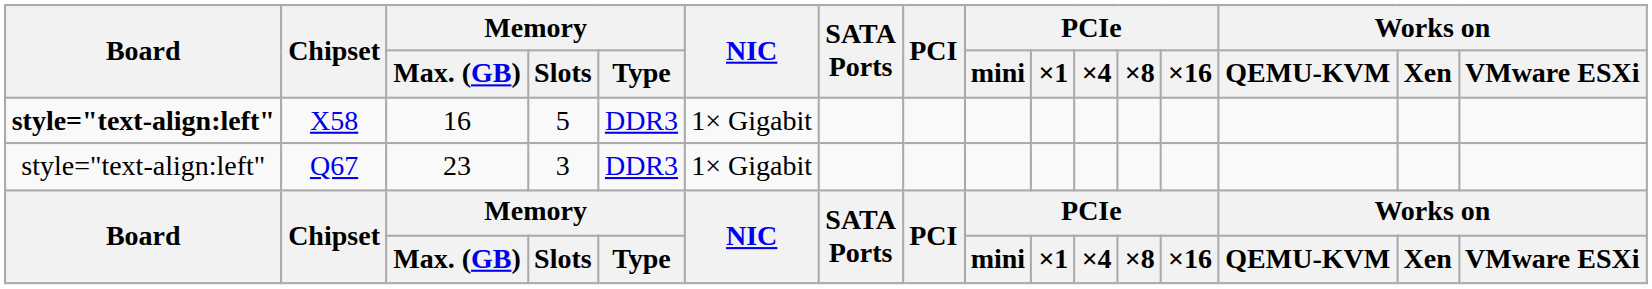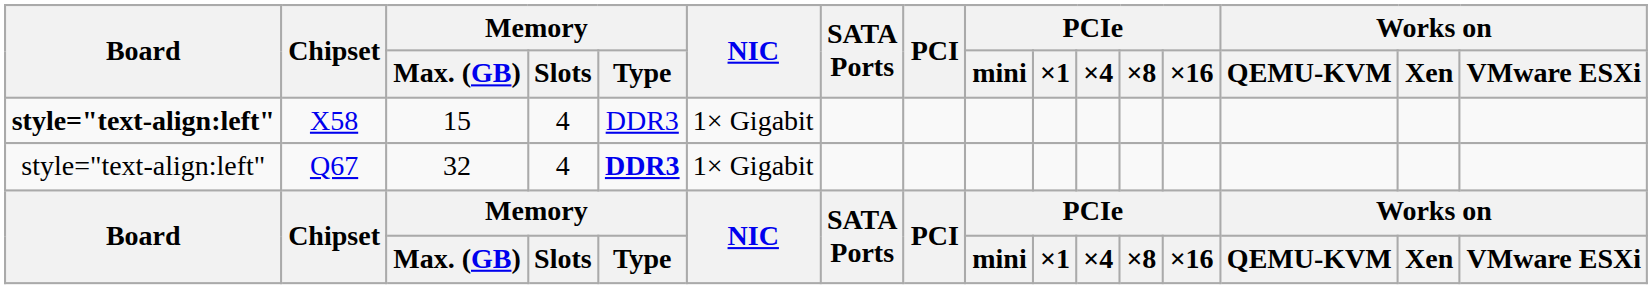 <table class="wikitable" style="font-size: 85%; text-align: center">
 <tr>
 <th rowspan=2>Board</th>
 <th rowspan=2>Chipset</th>
 <th colspan=3>Memory</th>
 <th rowspan=2><a href='#'>NIC</a></th>
 <th rowspan=2>SATA<br>Ports</th>
 <th rowspan=2>PCI</th>
 <th colspan=5>PCIe</th>
 <th colspan=3 style="text-align:center">Works on</th>
 </tr>
 <tr>
 <th>Max. (<a href='#'>GB</a>)</th>
 <th>Slots</th>
 <th>Type</th>
 <th>mini</th>
 <th>×1</th>
 <th>×4</th>
 <th>×8</th>
 <th>×16</th>
 <th>QEMU-KVM</th>
 <th>Xen</th>
 <th>VMware ESXi</th>
 </tr>
 <tr>
 <td><strong>style="text-align:left" </strong></td>
 <td><a href='#'>X58</a></td>
-<td>16</td>
-<td>5</td>
+<td>15</td>
+<td>4</td>
 <td><a href='#'>DDR3</a></td>
 <td>1× Gigabit</td>
 <td></td>
 <td></td>
 <td></td>
 <td></td>
 <td></td>
 <td></td>
 <td></td>
 <td></td>
 <td></td>
 <td></td>
 </tr>
 <tr>
 <td>style="text-align:left" </td>
 <td><a href='#'>Q67</a></td>
-<td>23</td>
-<td>3</td>
-<td><a href='#'>DDR3</a></td>
+<td>32</td>
+<td>4</td>
+<td><strong><a href='#'>DDR3</a></strong></td>
 <td>1× Gigabit</td>
 <td></td>
 <td></td>
 <td></td>
 <td></td>
 <td></td>
 <td></td>
 <td></td>
 <td></td>
 <td></td>
 <td></td>
 </tr>
 <tr>
 <th rowspan=2>Board</th>
 <th rowspan=2>Chipset</th>
 <th colspan=3>Memory</th>
 <th rowspan=2><a href='#'>NIC</a></th>
 <th rowspan=2>SATA<br>Ports</th>
 <th rowspan=2>PCI</th>
 <th colspan=5>PCIe</th>
 <th colspan=3 style="text-align:center">Works on</th>
 </tr>
 <tr>
 <th>Max. (<a href='#'>GB</a>)</th>
 <th>Slots</th>
 <th>Type</th>
 <th>mini</th>
 <th>×1</th>
 <th>×4</th>
 <th>×8</th>
 <th>×16</th>
 <th>QEMU-KVM</th>
 <th>Xen</th>
 <th>VMware ESXi</th>
 </tr>
 </table>
